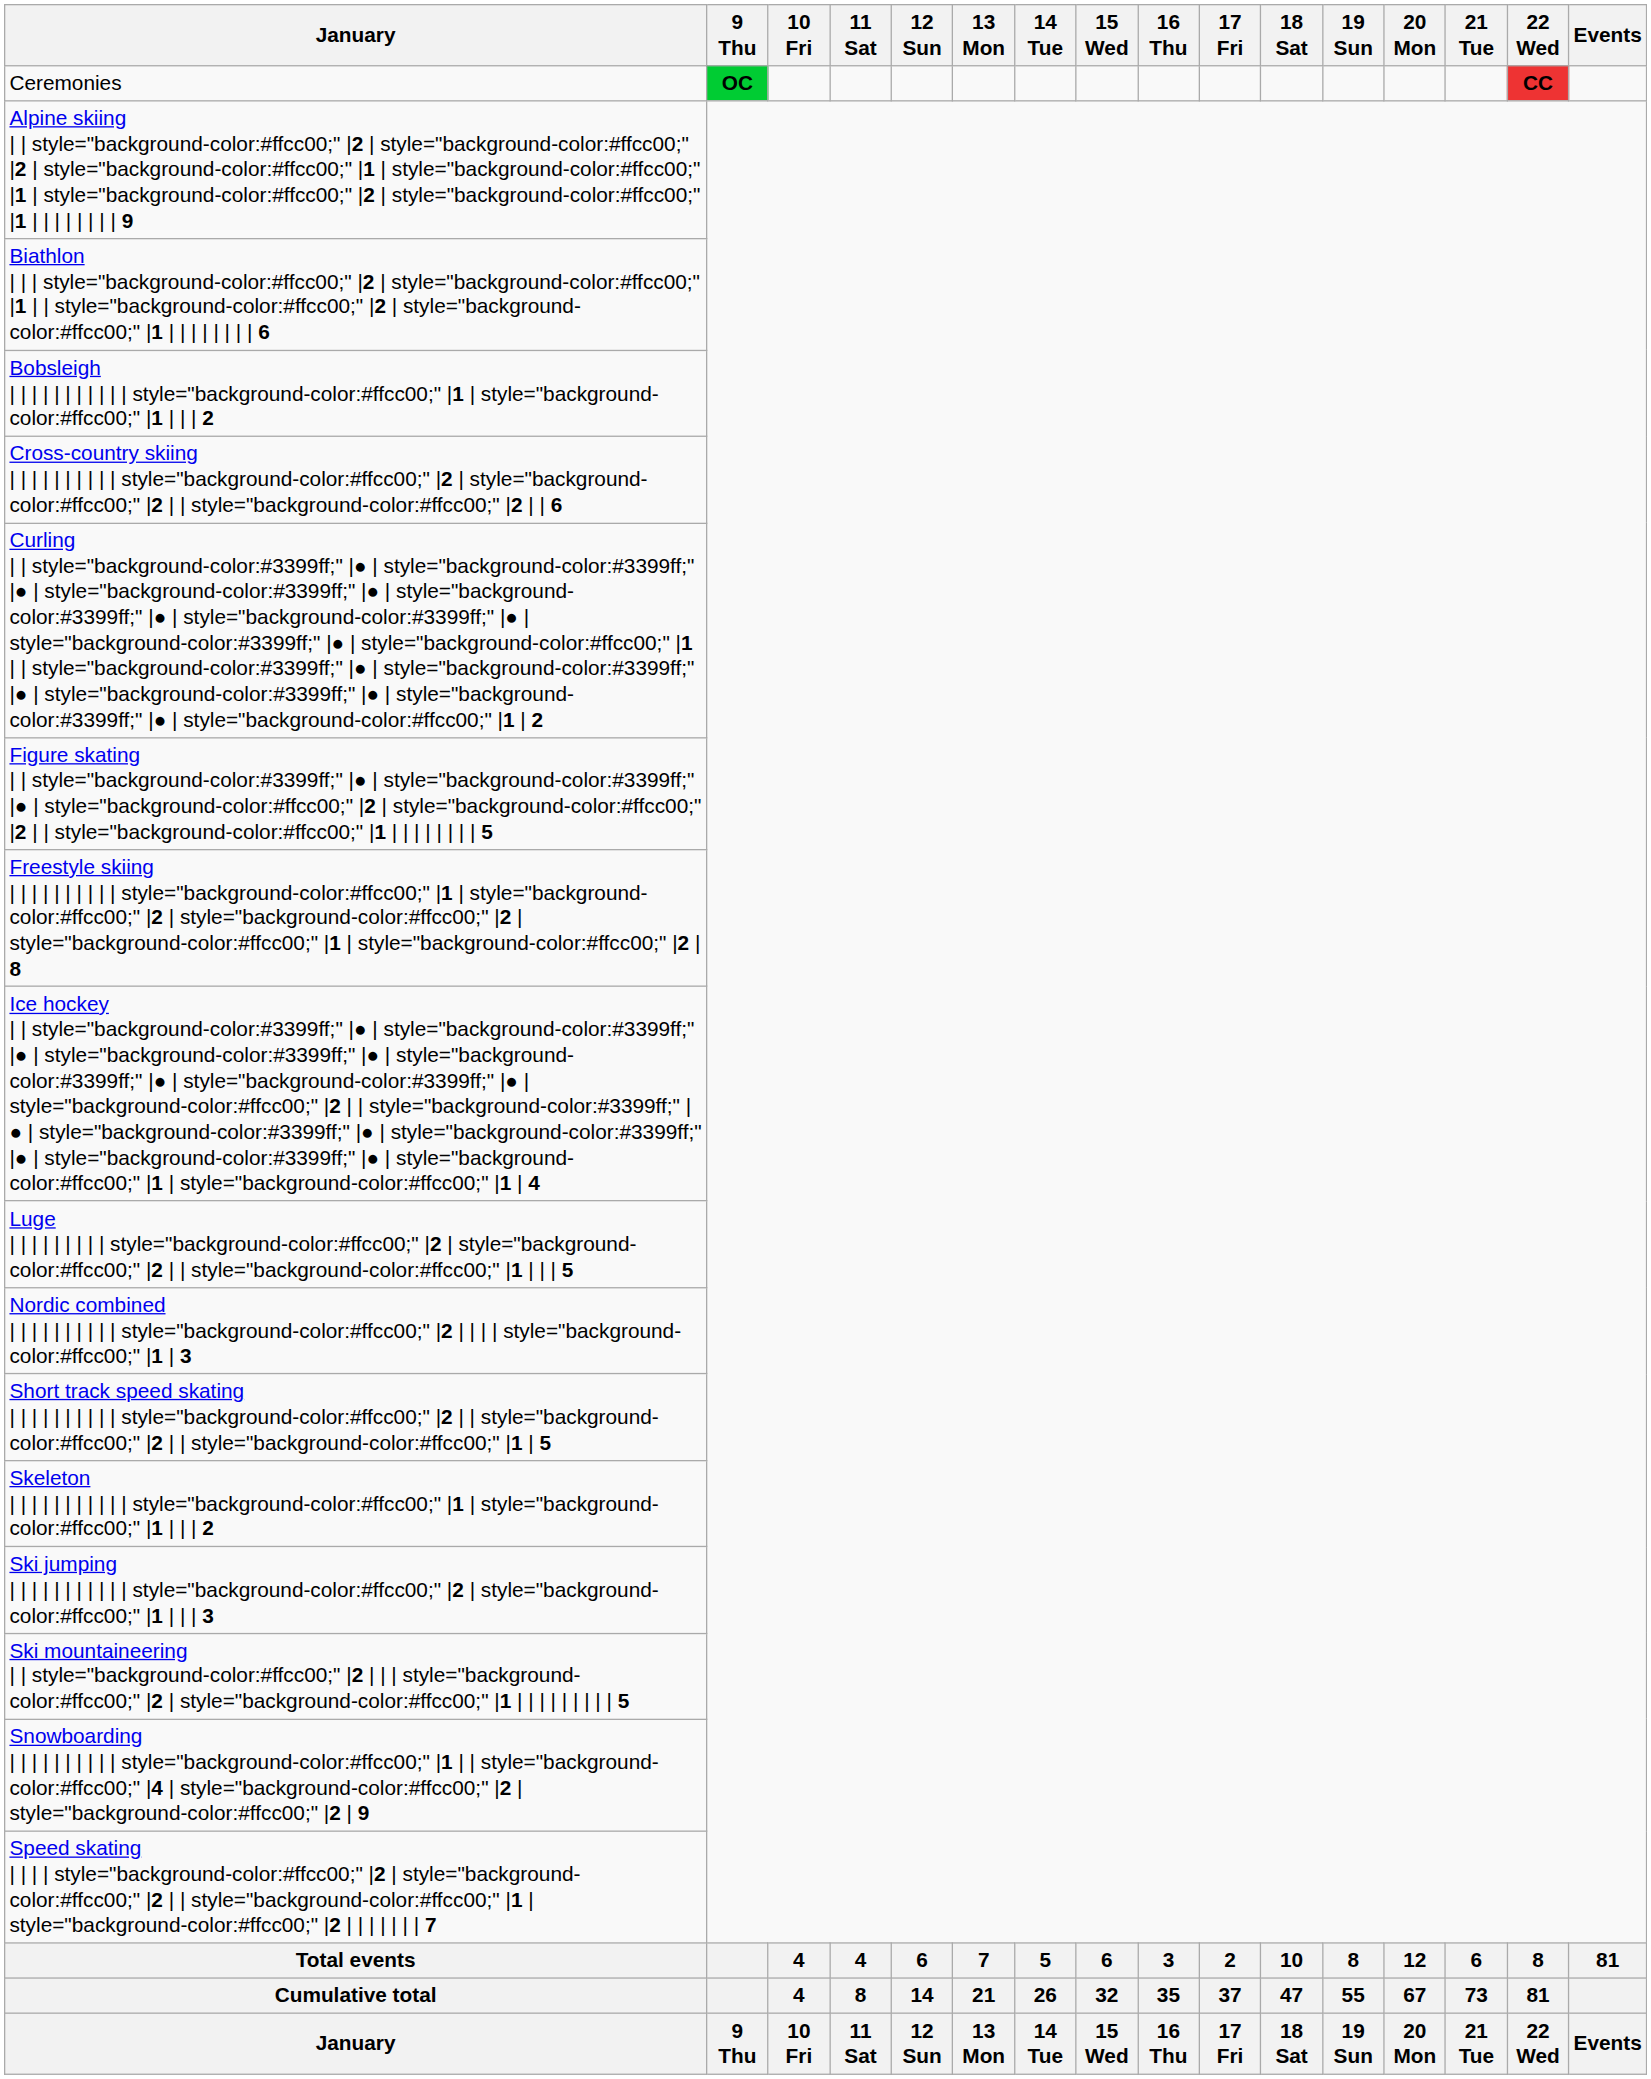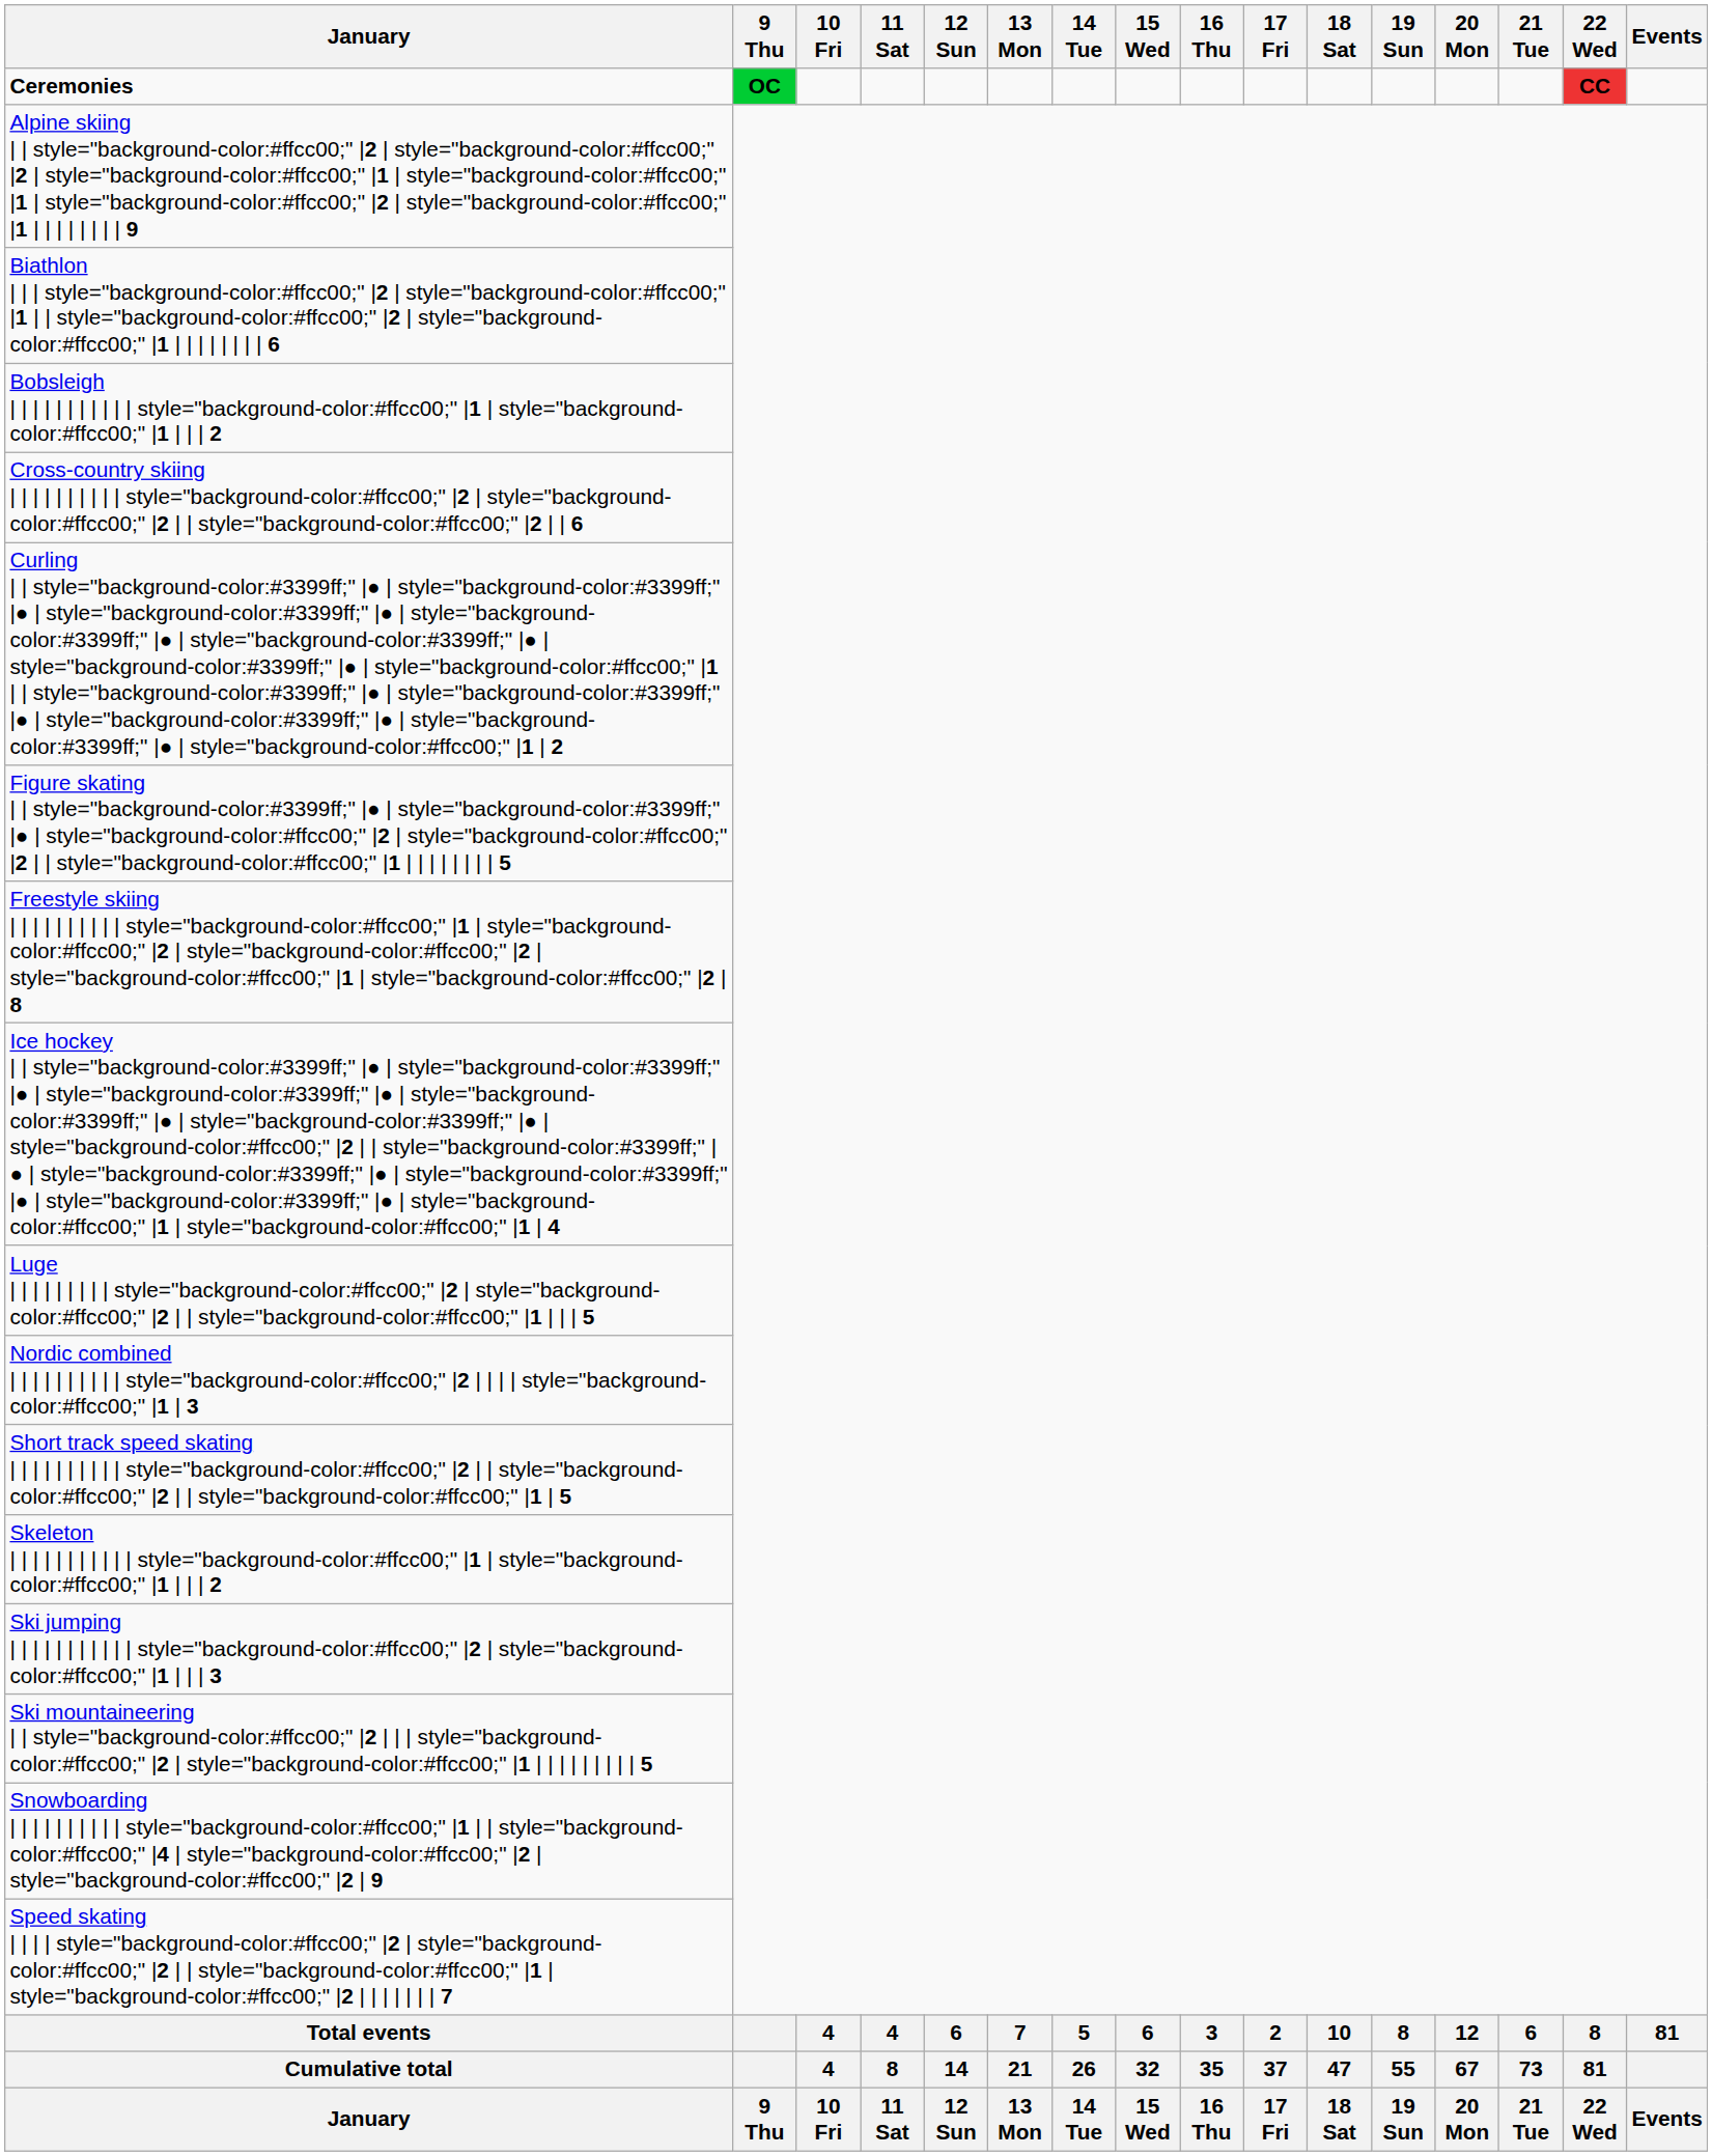 <table class="wikitable" style="margin:0.5em auto; line-height:1.23em;">
 <tr>
 <th>January</th>
 <th style="width:2.5em">9<br>Thu</th>
 <th style="width:2.5em">10<br>Fri</th>
 <th style="width:2.5em">11<br>Sat</th>
 <th style="width:2.5em">12<br>Sun</th>
 <th style="width:2.5em">13<br>Mon</th>
 <th style="width:2.5em">14<br>Tue</th>
 <th style="width:2.5em">15<br>Wed</th>
 <th style="width:2.5em">16<br>Thu</th>
 <th style="width:2.5em">17<br>Fri</th>
 <th style="width:2.5em">18<br>Sat</th>
 <th style="width:2.5em">19<br>Sun</th>
 <th style="width:2.5em">20<br>Mon</th>
 <th style="width:2.5em">21<br>Tue</th>
 <th style="width:2.5em">22<br>Wed</th>
 <th>Events</th>
 </tr>
 <tr>
-<td> Ceremonies</td>
+<td><strong> Ceremonies</strong></td>
 <td style="background:#0c3; text-align:center;"><strong>OC</strong></td>
 <td></td>
 <td></td>
 <td></td>
 <td></td>
 <td></td>
 <td></td>
 <td></td>
 <td></td>
 <td></td>
 <td></td>
 <td></td>
 <td></td>
 <td style="background:#e33; text-align:center;"><strong>CC</strong></td>
 <td></td>
 </tr>
 <tr style="text-align:center;">
 <td style="text-align:left;"> <a href='#'>Alpine skiing</a><br>|  | style="background-color:#ffcc00;" |<strong>2</strong> | style="background-color:#ffcc00;" |<strong>2</strong> | style="background-color:#ffcc00;" |<strong>1</strong> | style="background-color:#ffcc00;" |<strong>1</strong> | style="background-color:#ffcc00;" |<strong>2</strong> | style="background-color:#ffcc00;" |<strong>1</strong> |  |  |  |  |  |  |  | <strong>9</strong></td>
 </tr>
 <tr style="text-align:center;">
 <td style="text-align:left;"> <a href='#'>Biathlon</a><br>|  |  | style="background-color:#ffcc00;" |<strong>2</strong> | style="background-color:#ffcc00;" |<strong>1</strong> |  | style="background-color:#ffcc00;" |<strong>2</strong> | style="background-color:#ffcc00;" |<strong>1</strong> |  |  |  |  |  |  |  | <strong>6</strong></td>
 </tr>
 <tr style="text-align:center;">
 <td style="text-align:left;"> <a href='#'>Bobsleigh</a><br>|  |  |  |  |  |  |  |  |  |  | style="background-color:#ffcc00;" |<strong>1</strong> | style="background-color:#ffcc00;" |<strong>1</strong> |  |  | <strong>2</strong></td>
 </tr>
 <tr style="text-align:center;">
 <td style="text-align:left;"> <a href='#'>Cross-country skiing</a><br>|  |  |  |  |  |  |  |  |  | style="background-color:#ffcc00;" |<strong>2</strong> | style="background-color:#ffcc00;" |<strong>2</strong> |  | style="background-color:#ffcc00;" |<strong>2</strong> |  | <strong>6</strong></td>
 </tr>
 <tr style="text-align:center;">
 <td style="text-align:left;"> <a href='#'>Curling</a><br>|  | style="background-color:#3399ff;" |● | style="background-color:#3399ff;" |● | style="background-color:#3399ff;" |● | style="background-color:#3399ff;" |● | style="background-color:#3399ff;" |● | style="background-color:#3399ff;" |● | style="background-color:#ffcc00;" |<strong>1</strong> |  | style="background-color:#3399ff;" |● | style="background-color:#3399ff;" |● | style="background-color:#3399ff;" |● | style="background-color:#3399ff;" |● | style="background-color:#ffcc00;" |<strong>1</strong> | <strong>2</strong></td>
 </tr>
 <tr style="text-align:center;">
 <td style="text-align:left;"> <a href='#'>Figure skating</a><br>|  | style="background-color:#3399ff;" |● | style="background-color:#3399ff;" |● | style="background-color:#ffcc00;" |<strong>2</strong> | style="background-color:#ffcc00;" |<strong>2</strong> |  | style="background-color:#ffcc00;" |<strong>1</strong> |  |  |  |  |  |  |  | <strong>5</strong></td>
 </tr>
 <tr style="text-align:center;">
 <td style="text-align:left;"> <a href='#'>Freestyle skiing</a><br>|  |  |  |  |  |  |  |  |  | style="background-color:#ffcc00;" |<strong>1</strong> | style="background-color:#ffcc00;" |<strong>2</strong> | style="background-color:#ffcc00;" |<strong>2</strong> | style="background-color:#ffcc00;" |<strong>1</strong> | style="background-color:#ffcc00;" |<strong>2</strong> | <strong>8</strong></td>
 </tr>
 <tr style="text-align:center;">
 <td style="text-align:left;"> <a href='#'>Ice hockey</a><br>|  | style="background-color:#3399ff;" |● | style="background-color:#3399ff;" |● | style="background-color:#3399ff;" |● | style="background-color:#3399ff;" |● | style="background-color:#3399ff;" |● | style="background-color:#ffcc00;" |<strong>2</strong> |  | style="background-color:#3399ff;" |● | style="background-color:#3399ff;" |● | style="background-color:#3399ff;" |● | style="background-color:#3399ff;" |● | style="background-color:#ffcc00;" |<strong>1</strong> | style="background-color:#ffcc00;" |<strong>1</strong> | <strong>4</strong></td>
 </tr>
 <tr style="text-align:center;">
 <td style="text-align:left;"> <a href='#'>Luge</a><br>|  |  |  |  |  |  |  |  | style="background-color:#ffcc00;" |<strong>2</strong> | style="background-color:#ffcc00;" |<strong>2</strong> |  | style="background-color:#ffcc00;" |<strong>1</strong> |  |  | <strong>5</strong></td>
 </tr>
 <tr style="text-align:center;">
 <td style="text-align:left;"> <a href='#'>Nordic combined</a><br>|  |  |  |  |  |  |  |  |  | style="background-color:#ffcc00;" |<strong>2</strong> |  |  |  | style="background-color:#ffcc00;" |<strong>1</strong> | <strong>3</strong></td>
 </tr>
 <tr style="text-align:center;">
 <td style="text-align:left;"> <a href='#'>Short track speed skating</a><br>|  |  |  |  |  |  |  |  |  | style="background-color:#ffcc00;" |<strong>2</strong> |  | style="background-color:#ffcc00;" |<strong>2</strong> |  | style="background-color:#ffcc00;" |<strong>1</strong> | <strong>5</strong></td>
 </tr>
 <tr style="text-align:center;">
 <td style="text-align:left;"> <a href='#'>Skeleton</a><br>|  |  |  |  |  |  |  |  |  |  | style="background-color:#ffcc00;" |<strong>1</strong> | style="background-color:#ffcc00;" |<strong>1</strong> |  |  | <strong>2</strong></td>
 </tr>
 <tr style="text-align:center;">
 <td style="text-align:left;"> <a href='#'>Ski jumping</a><br>|  |  |  |  |  |  |  |  |  |  | style="background-color:#ffcc00;" |<strong>2</strong> | style="background-color:#ffcc00;" |<strong>1</strong> |  |  | <strong>3</strong></td>
 </tr>
 <tr style="text-align:center;">
 <td style="text-align:left;"> <a href='#'>Ski mountaineering</a><br>|  | style="background-color:#ffcc00;" |<strong>2</strong> |  |  | style="background-color:#ffcc00;" |<strong>2</strong> | style="background-color:#ffcc00;" |<strong>1</strong> |  |  |  |  |  |  |  |  | <strong>5</strong></td>
 </tr>
 <tr style="text-align:center;">
 <td style="text-align:left;"> <a href='#'>Snowboarding</a><br>|  |  |  |  |  |  |  |  |  | style="background-color:#ffcc00;" |<strong>1</strong> |  | style="background-color:#ffcc00;" |<strong>4</strong> | style="background-color:#ffcc00;" |<strong>2</strong> | style="background-color:#ffcc00;" |<strong>2</strong> | <strong>9</strong></td>
 </tr>
 <tr style="text-align:center;">
 <td style="text-align:left;"> <a href='#'>Speed skating</a><br>|  |  |  | style="background-color:#ffcc00;" |<strong>2</strong> | style="background-color:#ffcc00;" |<strong>2</strong> |  | style="background-color:#ffcc00;" |<strong>1</strong> | style="background-color:#ffcc00;" |<strong>2</strong> |  |  |  |  |  |  | <strong>7</strong></td>
 </tr>
 <tr>
 <th>Total events</th>
 <th></th>
 <th>4</th>
 <th>4</th>
 <th>6</th>
 <th>7</th>
 <th>5</th>
 <th>6</th>
 <th>3</th>
 <th>2</th>
 <th>10</th>
 <th>8</th>
 <th>12</th>
 <th>6</th>
 <th>8</th>
 <th>81</th>
 </tr>
 <tr>
 <th>Cumulative total</th>
 <th></th>
 <th>4</th>
 <th>8</th>
 <th>14</th>
 <th>21</th>
 <th>26</th>
 <th>32</th>
 <th>35</th>
 <th>37</th>
 <th>47</th>
 <th>55</th>
 <th>67</th>
 <th>73</th>
 <th>81</th>
 <th></th>
 </tr>
 <tr>
 <th>January</th>
 <th>9<br>Thu</th>
 <th>10<br>Fri</th>
 <th>11<br>Sat</th>
 <th>12<br>Sun</th>
 <th>13<br>Mon</th>
 <th>14<br>Tue</th>
 <th>15<br>Wed</th>
 <th>16<br>Thu</th>
 <th>17<br>Fri</th>
 <th>18<br>Sat</th>
 <th>19<br>Sun</th>
 <th>20<br>Mon</th>
 <th>21<br>Tue</th>
 <th>22<br>Wed</th>
 <th>Events</th>
 </tr>
 </table>
